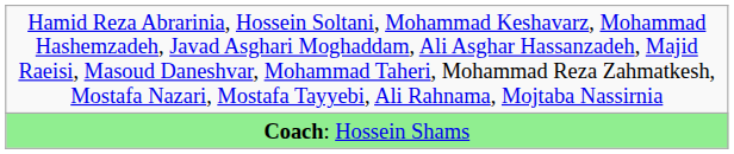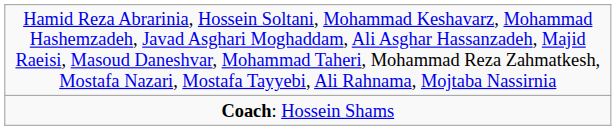 <table class="wikitable" style="text-align:center; width:33em; margin:0.5em auto;">
 <tr>
 <td><a href='#'>Hamid Reza Abrarinia</a>, <a href='#'>Hossein Soltani</a>, <a href='#'>Mohammad Keshavarz</a>, <a href='#'>Mohammad Hashemzadeh</a>, <a href='#'>Javad Asghari Moghaddam</a>, <a href='#'>Ali Asghar Hassanzadeh</a>, <a href='#'>Majid Raeisi</a>, <a href='#'>Masoud Daneshvar</a>, <a href='#'>Mohammad Taheri</a>, Mohammad Reza Zahmatkesh, <a href='#'>Mostafa Nazari</a>, <a href='#'>Mostafa Tayyebi</a>, <a href='#'>Ali Rahnama</a>, <a href='#'>Mojtaba Nassirnia</a></td>
 </tr>
 <tr>
-<td style="background: lightgreen;"><strong>Coach</strong>:  <a href='#'>Hossein Shams</a></td>
+<td><strong>Coach</strong>:  <a href='#'>Hossein Shams</a></td>
 </tr>
 </table>
